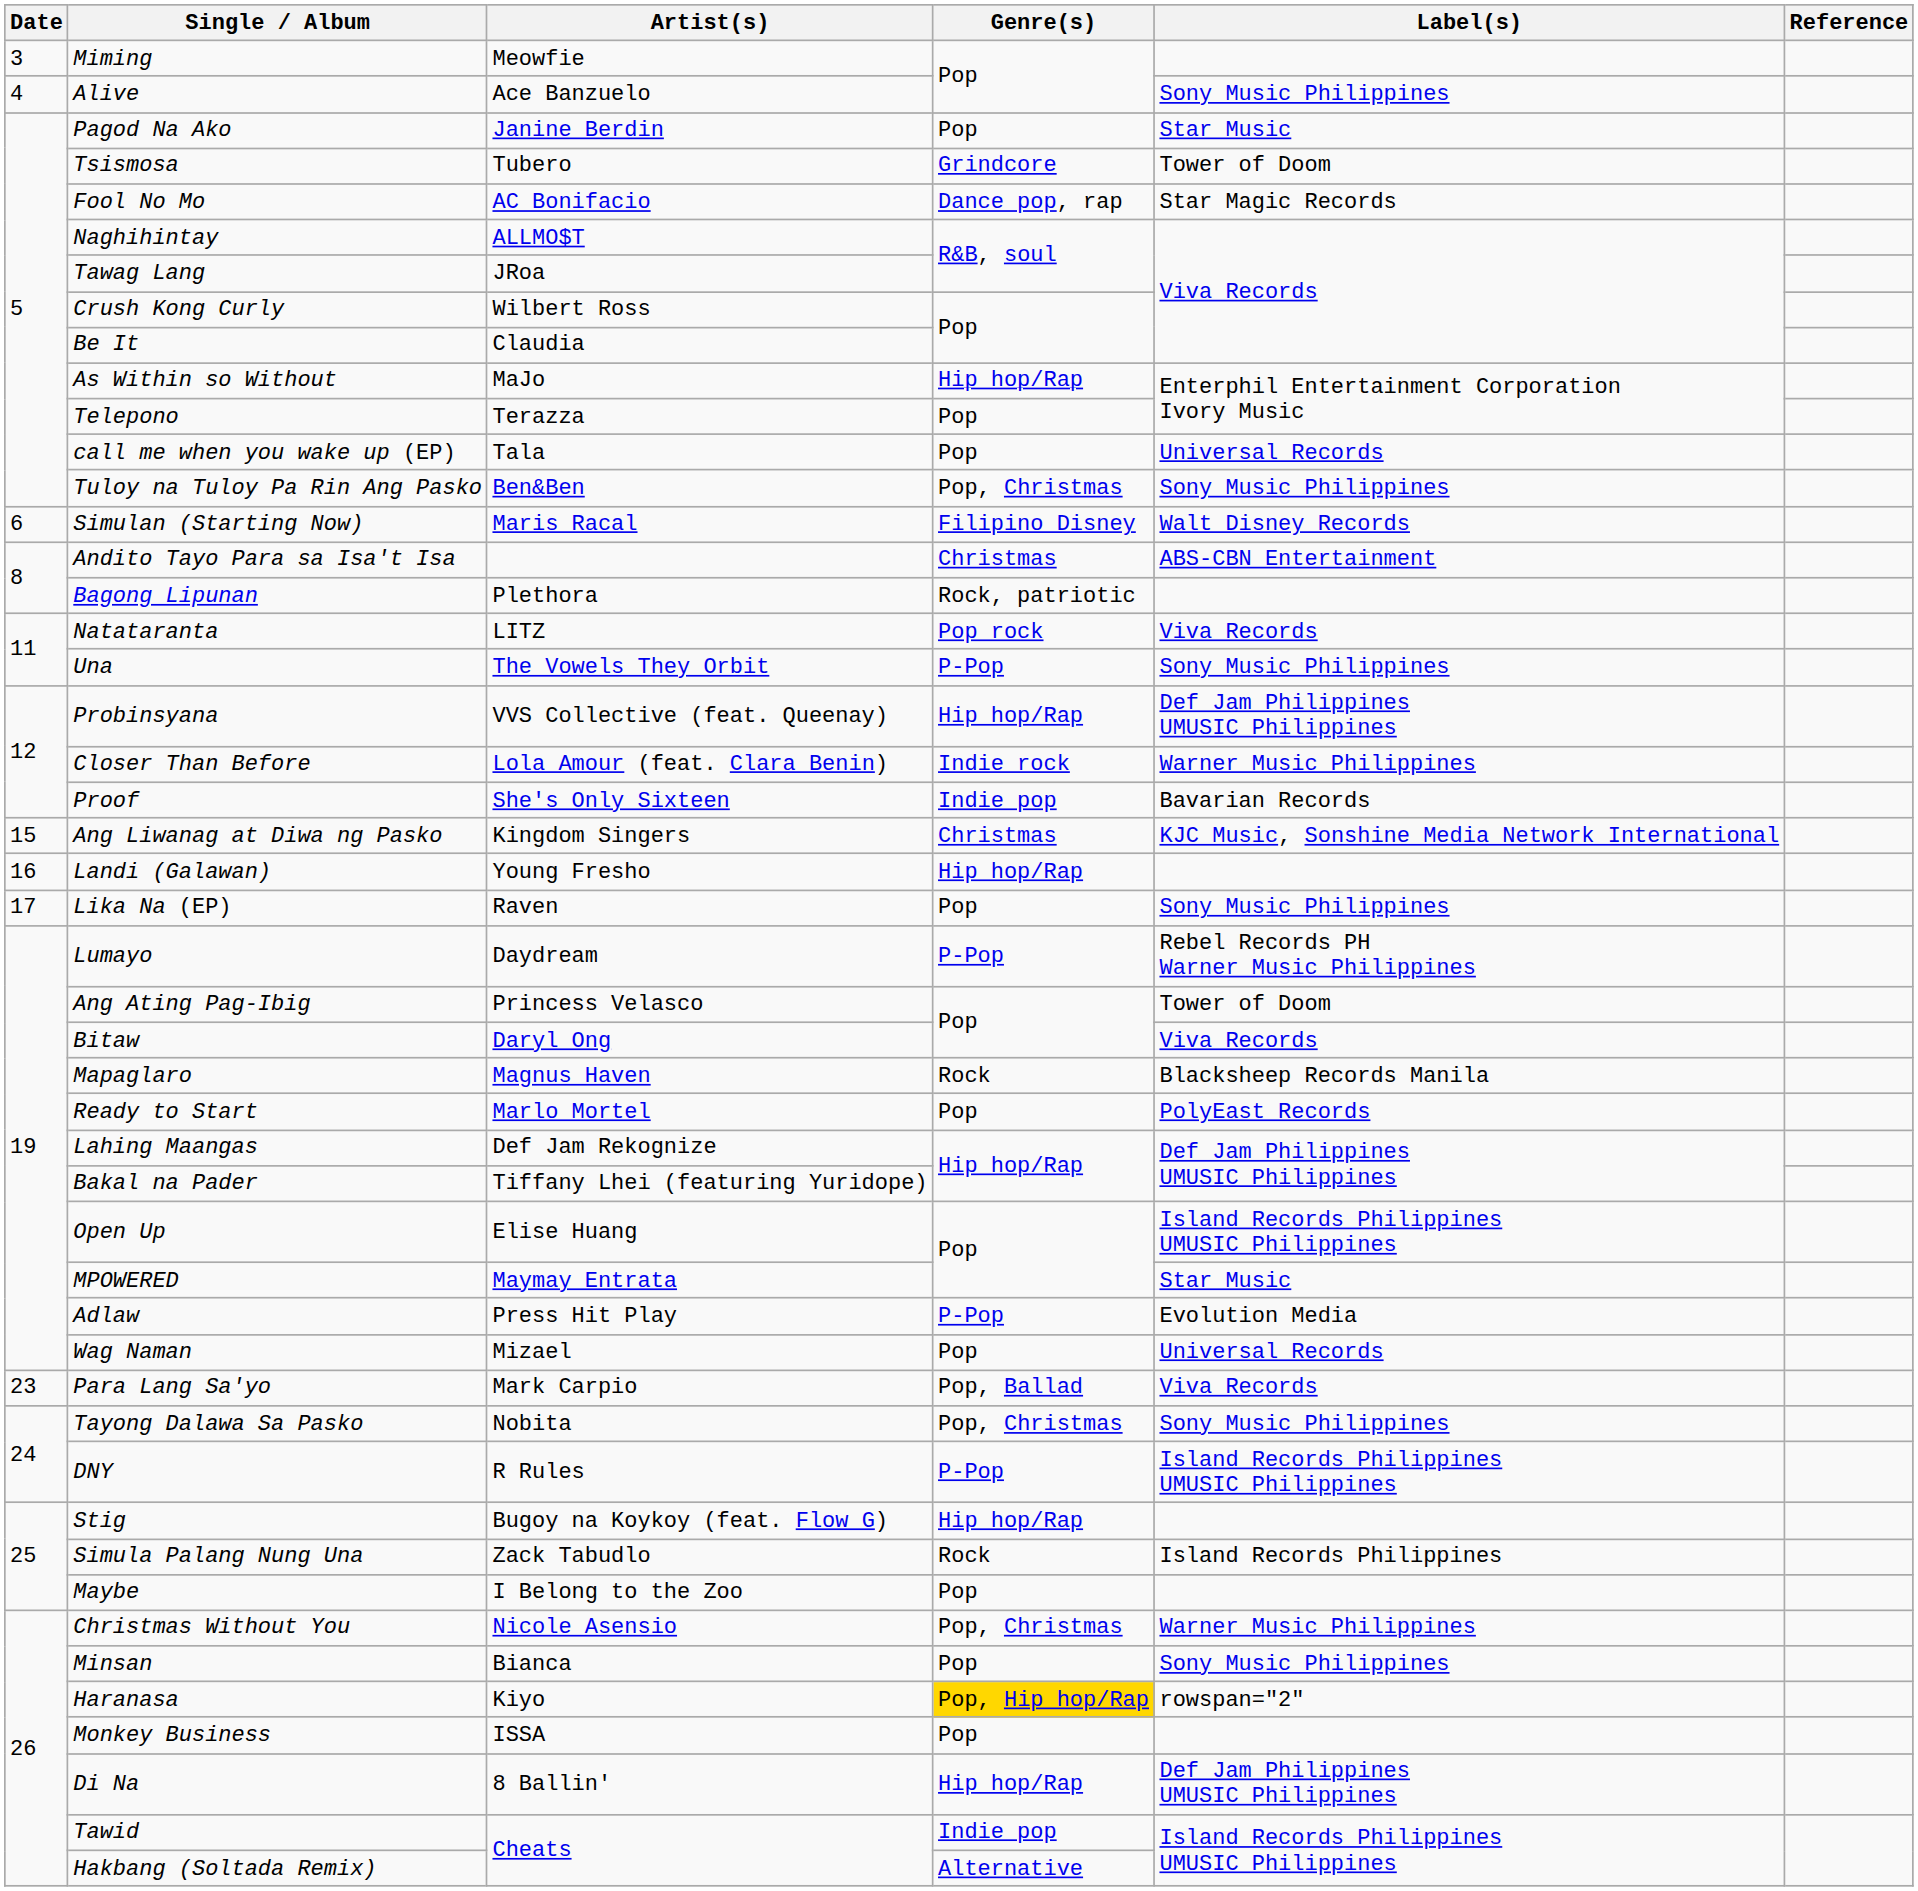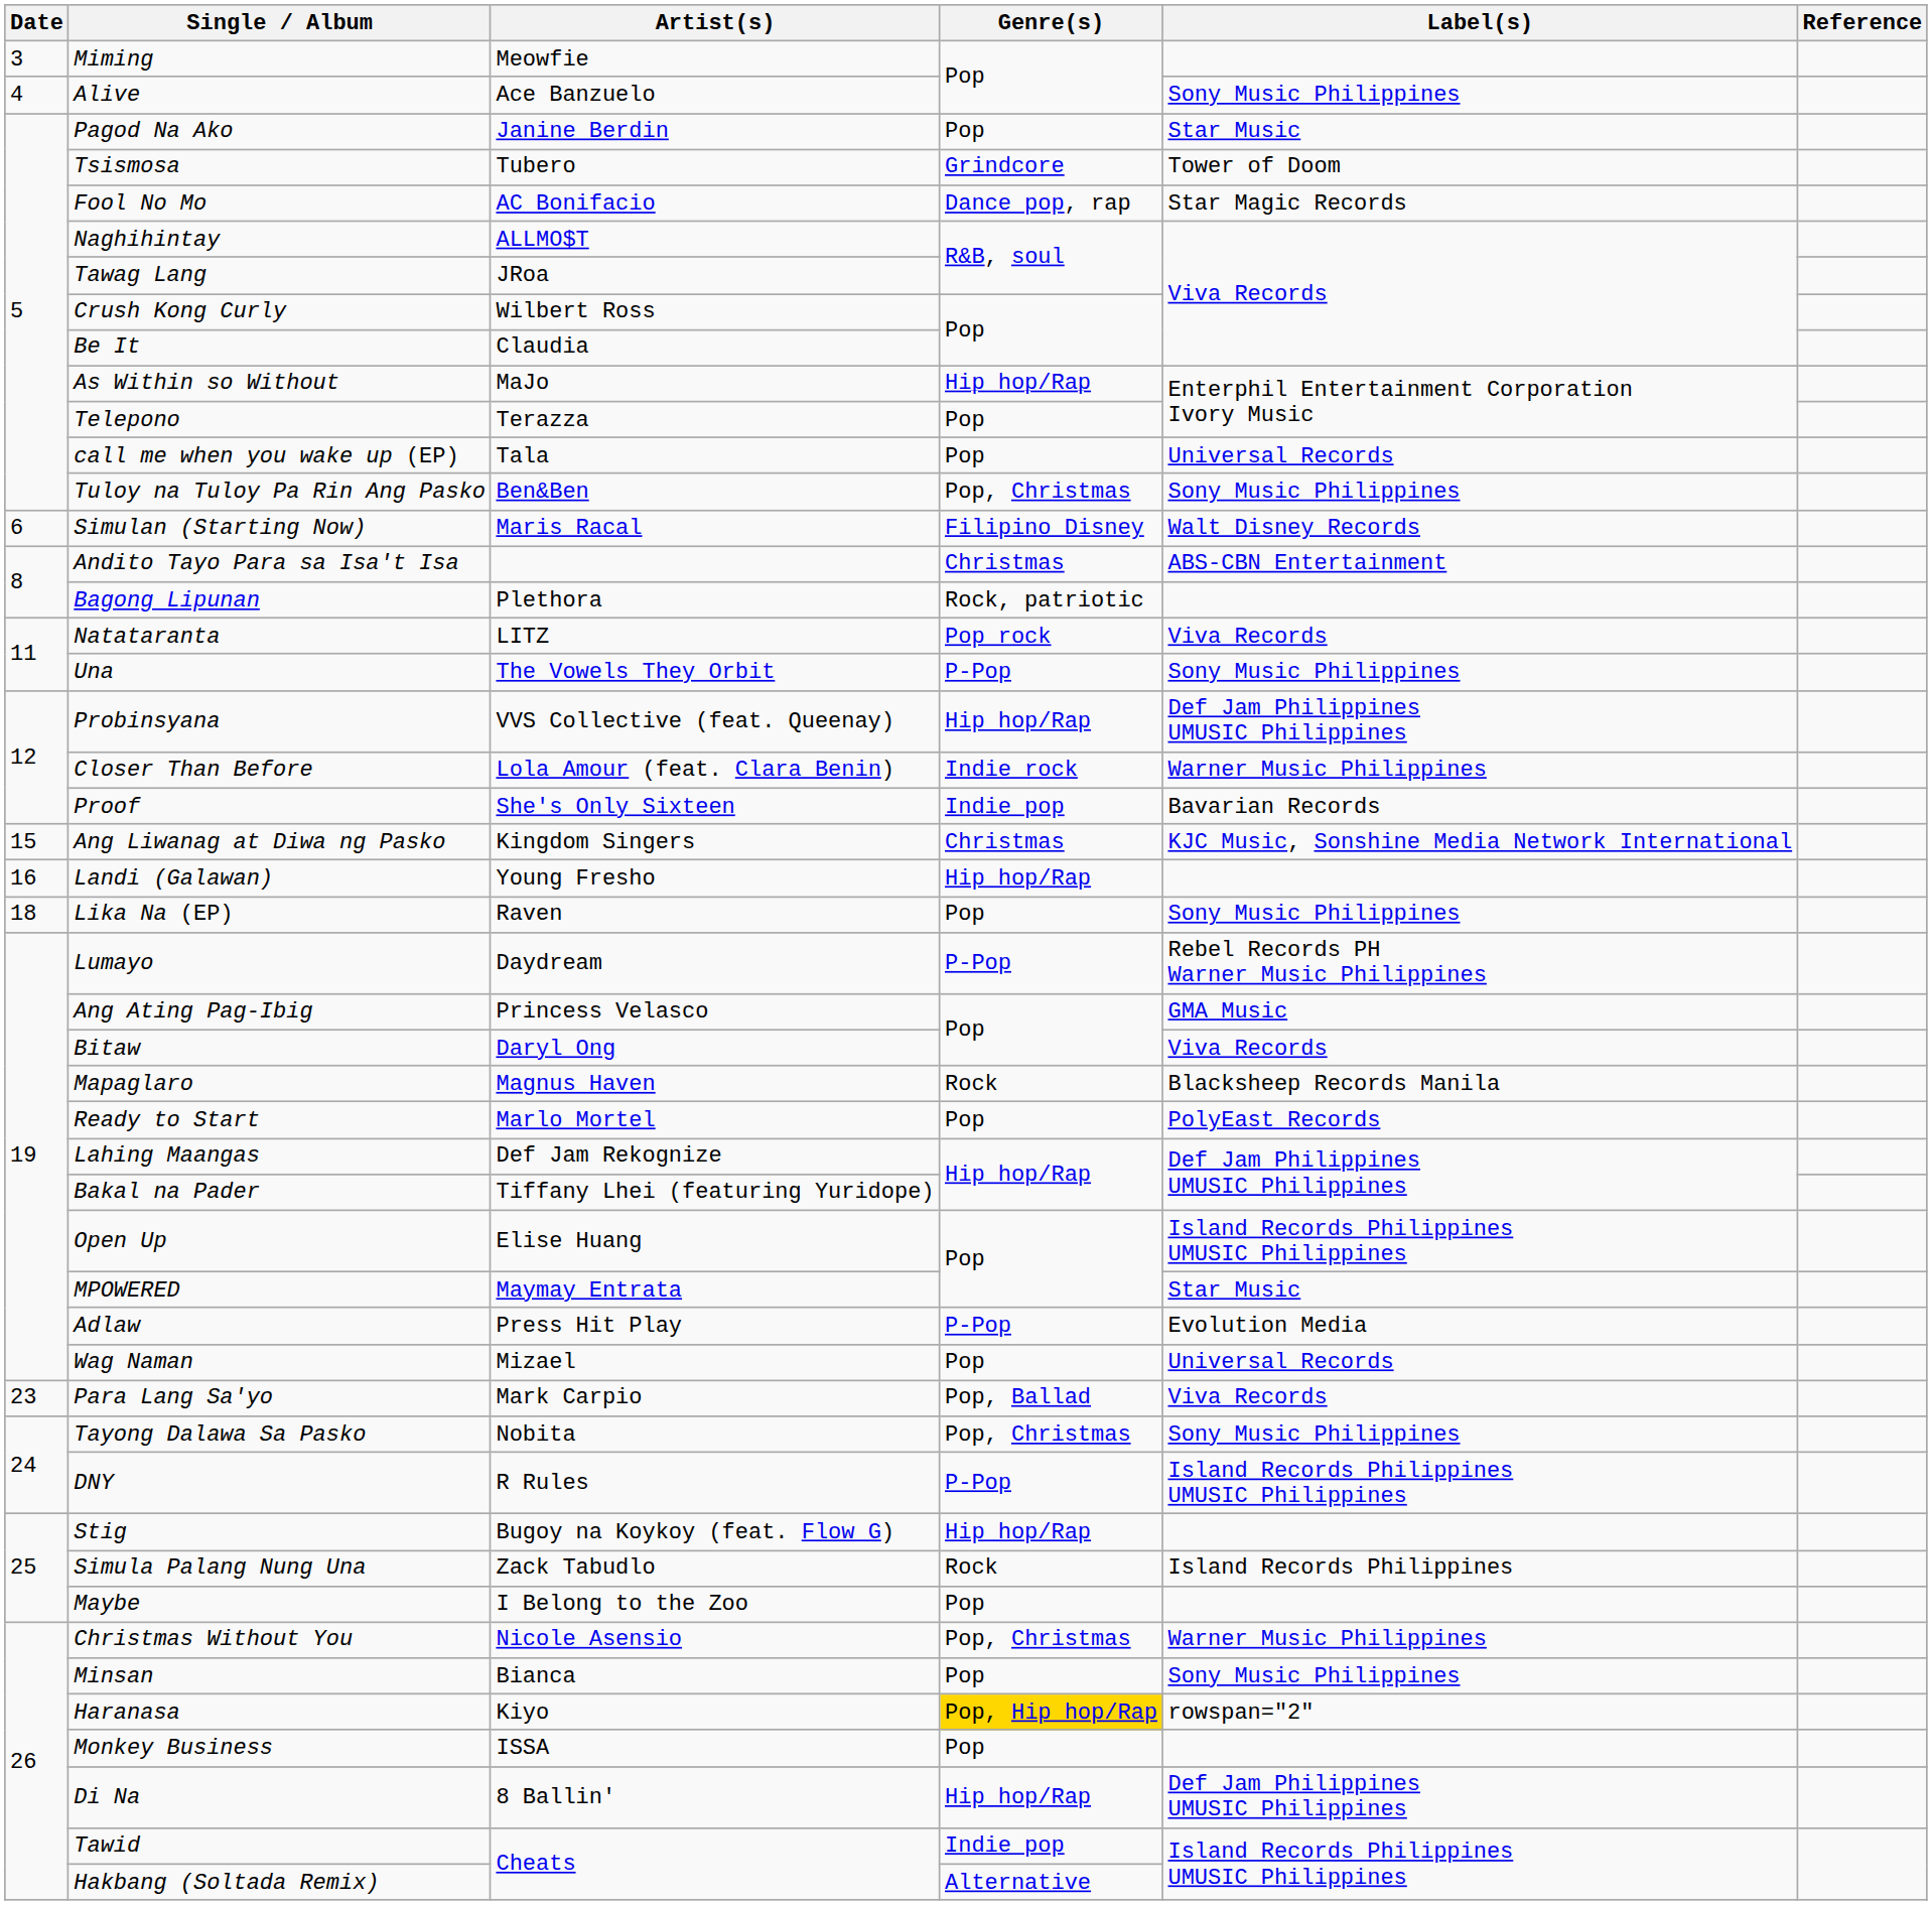 <table class="wikitable">
 <tr>
 <th>Date</th>
 <th>Single / Album</th>
 <th>Artist(s)</th>
 <th>Genre(s)</th>
 <th>Label(s)</th>
 <th>Reference</th>
 </tr>
 <tr>
 <td>3</td>
 <td><em>Miming</em></td>
 <td>Meowfie</td>
 <td rowspan="2">Pop</td>
 <td></td>
 </tr>
 <tr>
 <td>4</td>
 <td><em>Alive</em></td>
 <td>Ace Banzuelo</td>
 <td><a href='#'>Sony Music Philippines</a></td>
 <td></td>
 </tr>
 <tr>
 <td rowspan="11">5</td>
 <td><em>Pagod Na Ako</em></td>
 <td><a href='#'>Janine Berdin</a></td>
 <td>Pop</td>
 <td><a href='#'>Star Music</a></td>
 <td></td>
 </tr>
 <tr>
 <td><em>Tsismosa</em></td>
 <td>Tubero</td>
 <td><a href='#'>Grindcore</a></td>
 <td>Tower of Doom</td>
 <td></td>
 </tr>
 <tr>
 <td><em>Fool No Mo</em></td>
 <td><a href='#'>AC Bonifacio</a></td>
 <td><a href='#'>Dance pop</a>, rap</td>
 <td>Star Magic Records</td>
 <td></td>
 </tr>
 <tr>
 <td><em>Naghihintay</em></td>
 <td><a href='#'>ALLMO$T</a></td>
 <td rowspan="2"><a href='#'>R&B</a>, <a href='#'>soul</a></td>
 <td rowspan="4"><a href='#'>Viva Records</a></td>
 <td></td>
 </tr>
 <tr>
 <td><em>Tawag Lang</em></td>
 <td>JRoa</td>
 <td></td>
 </tr>
 <tr>
 <td><em>Crush Kong Curly</em></td>
 <td>Wilbert Ross</td>
 <td rowspan="2">Pop</td>
 <td></td>
 </tr>
 <tr>
 <td><em>Be It</em></td>
 <td>Claudia</td>
 <td></td>
 </tr>
 <tr>
 <td><em>As Within so Without</em></td>
 <td>MaJo</td>
 <td><a href='#'>Hip hop/Rap</a></td>
 <td rowspan="2">Enterphil Entertainment Corporation<br>Ivory Music</td>
 <td></td>
 </tr>
 <tr>
 <td><em>Telepono</em></td>
 <td>Terazza</td>
 <td>Pop</td>
 <td></td>
 </tr>
 <tr>
 <td><em>call me when you wake up</em> (EP)</td>
 <td>Tala</td>
 <td>Pop</td>
 <td><a href='#'>Universal Records</a></td>
 <td></td>
 </tr>
 <tr>
 <td><em>Tuloy na Tuloy Pa Rin Ang Pasko</em></td>
 <td><a href='#'>Ben&Ben</a></td>
 <td>Pop, <a href='#'>Christmas</a></td>
 <td><a href='#'>Sony Music Philippines</a></td>
 <td></td>
 </tr>
 <tr>
 <td>6</td>
 <td><em>Simulan (Starting Now)</em></td>
 <td><a href='#'>Maris Racal</a></td>
 <td><a href='#'>Filipino Disney</a></td>
 <td><a href='#'>Walt Disney Records</a></td>
 <td></td>
 </tr>
 <tr>
 <td rowspan="2">8</td>
 <td><em>Andito Tayo Para sa Isa't Isa</em></td>
 <td></td>
 <td><a href='#'>Christmas</a></td>
 <td><a href='#'>ABS-CBN Entertainment</a></td>
 <td></td>
 </tr>
 <tr>
 <td><em><a href='#'>Bagong Lipunan</a></em></td>
 <td>Plethora</td>
 <td>Rock, patriotic</td>
 <td></td>
 <td></td>
 </tr>
 <tr>
 <td rowspan="2">11</td>
 <td><em>Natataranta</em></td>
 <td>LITZ</td>
 <td><a href='#'>Pop rock</a></td>
 <td><a href='#'>Viva Records</a></td>
 <td></td>
 </tr>
 <tr>
 <td><em>Una</em></td>
 <td><a href='#'>The Vowels They Orbit</a></td>
 <td><a href='#'>P-Pop</a></td>
 <td><a href='#'>Sony Music Philippines</a></td>
 <td></td>
 </tr>
 <tr>
 <td rowspan="3">12</td>
 <td><em>Probinsyana</em></td>
 <td>VVS Collective (feat. Queenay)</td>
 <td><a href='#'>Hip hop/Rap</a></td>
 <td><a href='#'>Def Jam Philippines</a><br><a href='#'>UMUSIC Philippines</a></td>
 <td></td>
 </tr>
 <tr>
 <td><em>Closer Than Before</em></td>
 <td><a href='#'>Lola Amour</a> (feat. <a href='#'>Clara Benin</a>)</td>
 <td><a href='#'>Indie rock</a></td>
 <td><a href='#'>Warner Music Philippines</a></td>
 <td></td>
 </tr>
 <tr>
 <td><em>Proof</em></td>
 <td><a href='#'>She's Only Sixteen</a></td>
 <td><a href='#'>Indie pop</a></td>
 <td>Bavarian Records</td>
 <td></td>
 </tr>
 <tr>
 <td>15</td>
 <td><em>Ang Liwanag at Diwa ng Pasko</em></td>
 <td>Kingdom Singers</td>
 <td><a href='#'>Christmas</a></td>
 <td><a href='#'>KJC Music</a>, <a href='#'>Sonshine Media Network International</a></td>
 <td></td>
 </tr>
 <tr>
 <td>16</td>
 <td><em>Landi (Galawan)</em></td>
 <td>Young Fresho</td>
 <td><a href='#'>Hip hop/Rap</a></td>
 <td></td>
 <td></td>
 </tr>
 <tr>
-<td>17</td>
+<td>18</td>
 <td><em>Lika Na</em> (EP)</td>
 <td>Raven</td>
 <td>Pop</td>
 <td><a href='#'>Sony Music Philippines</a></td>
 <td></td>
 </tr>
 <tr>
 <td rowspan="11">19</td>
 <td><em>Lumayo</em></td>
 <td>Daydream</td>
 <td><a href='#'>P-Pop</a></td>
 <td>Rebel Records PH<br><a href='#'>Warner Music Philippines</a></td>
 <td></td>
 </tr>
 <tr>
 <td><em>Ang Ating Pag-Ibig</em></td>
 <td>Princess Velasco</td>
 <td rowspan="2">Pop</td>
-<td>Tower of Doom</td>
+<td><a href='#'>GMA Music</a></td>
 <td></td>
 </tr>
 <tr>
 <td><em>Bitaw</em></td>
 <td><a href='#'>Daryl Ong</a></td>
 <td><a href='#'>Viva Records</a></td>
 <td></td>
 </tr>
 <tr>
 <td><em>Mapaglaro</em></td>
 <td><a href='#'>Magnus Haven</a></td>
 <td>Rock</td>
 <td>Blacksheep Records Manila</td>
 <td></td>
 </tr>
 <tr>
 <td><em>Ready to Start</em></td>
 <td><a href='#'>Marlo Mortel</a></td>
 <td>Pop</td>
 <td><a href='#'>PolyEast Records</a></td>
 <td></td>
 </tr>
 <tr>
 <td><em>Lahing Maangas</em></td>
 <td>Def Jam Rekognize</td>
 <td rowspan="2"><a href='#'>Hip hop/Rap</a></td>
 <td rowspan="2"><a href='#'>Def Jam Philippines</a><br><a href='#'>UMUSIC Philippines</a></td>
 <td></td>
 </tr>
 <tr>
 <td><em>Bakal na Pader</em></td>
 <td>Tiffany Lhei (featuring Yuridope)</td>
 <td></td>
 </tr>
 <tr>
 <td><em>Open Up</em></td>
 <td>Elise Huang</td>
 <td rowspan="2">Pop</td>
 <td><a href='#'>Island Records Philippines</a><br><a href='#'>UMUSIC Philippines</a></td>
 <td></td>
 </tr>
 <tr>
 <td><em>MPOWERED</em></td>
 <td><a href='#'>Maymay Entrata</a></td>
 <td><a href='#'>Star Music</a></td>
 <td></td>
 </tr>
 <tr>
 <td><em>Adlaw</em></td>
 <td>Press Hit Play</td>
 <td><a href='#'>P-Pop</a></td>
 <td>Evolution Media</td>
 <td></td>
 </tr>
 <tr>
 <td><em>Wag Naman</em></td>
 <td>Mizael</td>
 <td>Pop</td>
 <td><a href='#'>Universal Records</a></td>
 <td></td>
 </tr>
 <tr>
 <td>23</td>
 <td><em>Para Lang Sa'yo</em></td>
 <td>Mark Carpio</td>
 <td>Pop, <a href='#'>Ballad</a></td>
 <td><a href='#'>Viva Records</a></td>
 <td></td>
 </tr>
 <tr>
 <td rowspan="2">24</td>
 <td><em>Tayong Dalawa Sa Pasko</em></td>
 <td>Nobita</td>
 <td>Pop, <a href='#'>Christmas</a></td>
 <td><a href='#'>Sony Music Philippines</a></td>
 <td></td>
 </tr>
 <tr>
 <td><em>DNY</em></td>
 <td>R Rules</td>
 <td><a href='#'>P-Pop</a></td>
 <td><a href='#'>Island Records Philippines</a><br><a href='#'>UMUSIC Philippines</a></td>
 <td></td>
 </tr>
 <tr>
 <td rowspan="3">25</td>
 <td><em>Stig</em></td>
 <td>Bugoy na Koykoy (feat. <a href='#'>Flow G</a>)</td>
 <td><a href='#'>Hip hop/Rap</a></td>
 <td></td>
 <td></td>
 </tr>
 <tr>
 <td><em>Simula Palang Nung Una</em></td>
 <td>Zack Tabudlo</td>
 <td>Rock</td>
 <td>Island Records Philippines</td>
 <td></td>
 </tr>
 <tr>
 <td><em>Maybe</em></td>
 <td>I Belong to the Zoo</td>
 <td>Pop</td>
 <td></td>
 <td></td>
 </tr>
 <tr>
 <td rowspan="7">26</td>
 <td><em>Christmas Without You</em></td>
 <td><a href='#'>Nicole Asensio</a></td>
 <td>Pop, <a href='#'>Christmas</a></td>
 <td><a href='#'>Warner Music Philippines</a></td>
 <td></td>
 </tr>
 <tr>
 <td><em>Minsan</em></td>
 <td>Bianca</td>
 <td>Pop</td>
 <td><a href='#'>Sony Music Philippines</a></td>
 <td></td>
 </tr>
 <tr>
 <td><em>Haranasa</em></td>
 <td>Kiyo</td>
 <td style="background: gold;">Pop, <a href='#'>Hip hop/Rap</a></td>
 <td>rowspan="2" </td>
 <td></td>
 </tr>
 <tr>
 <td><em>Monkey Business</em></td>
 <td>ISSA</td>
 <td>Pop</td>
 <td></td>
 </tr>
 <tr>
 <td><em>Di Na</em></td>
 <td>8 Ballin'</td>
 <td><a href='#'>Hip hop/Rap</a></td>
 <td><a href='#'>Def Jam Philippines</a><br><a href='#'>UMUSIC Philippines</a></td>
 <td></td>
 </tr>
 <tr>
 <td><em>Tawid</em></td>
 <td rowspan="2"><a href='#'>Cheats</a></td>
 <td><a href='#'>Indie pop</a></td>
 <td rowspan="2"><a href='#'>Island Records Philippines</a><br><a href='#'>UMUSIC Philippines</a></td>
 <td rowspan="2"></td>
 </tr>
 <tr>
 <td><em>Hakbang (Soltada Remix)</em></td>
 <td><a href='#'>Alternative</a></td>
 </tr>
 </table>
